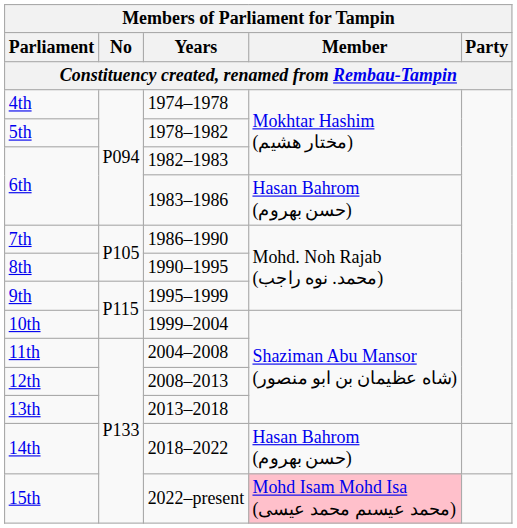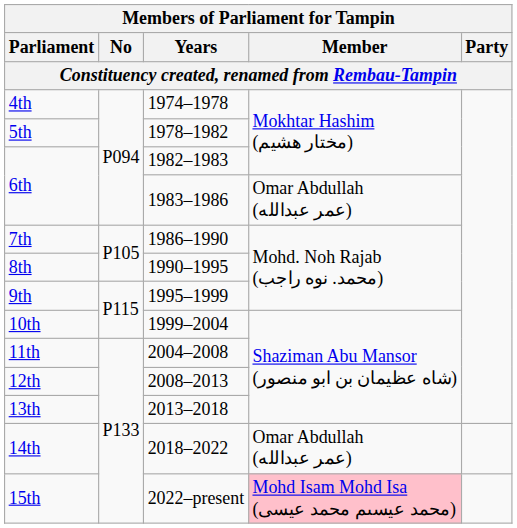 <table class=wikitable>
 <tr>
 <th colspan="5">Members of Parliament for Tampin</th>
 </tr>
 <tr>
 <th>Parliament</th>
 <th>No</th>
 <th>Years</th>
 <th>Member</th>
 <th>Party</th>
 </tr>
 <tr>
 <th colspan="5" align="center"><strong><em>Constituency created, renamed from <a href='#'>Rembau-Tampin</a></em></strong></th>
 </tr>
 <tr>
 <td><a href='#'>4th</a></td>
 <td rowspan="4">P094</td>
 <td>1974–1978</td>
 <td rowspan=3><a href='#'>Mokhtar Hashim</a>  <br>(مختار هشيم)</td>
 <td rowspan=11></td>
 </tr>
 <tr>
 <td><a href='#'>5th</a></td>
 <td>1978–1982</td>
 </tr>
 <tr>
 <td rowspan=2><a href='#'>6th</a></td>
 <td>1982–1983</td>
 </tr>
 <tr>
 <td>1983–1986</td>
-<td><a href='#'>Hasan Bahrom</a> <br> (حسن بهروم)</td>
+<td>Omar Abdullah <br> (عمر عبدالله)</td>
 </tr>
 <tr>
 <td><a href='#'>7th</a></td>
 <td rowspan="2">P105</td>
 <td>1986–1990</td>
 <td rowspan=3>Mohd. Noh Rajab <br> (محمد. نوه راجب)</td>
 </tr>
 <tr>
 <td><a href='#'>8th</a></td>
 <td>1990–1995</td>
 </tr>
 <tr>
 <td><a href='#'>9th</a></td>
 <td rowspan="2">P115</td>
 <td>1995–1999</td>
 </tr>
 <tr>
 <td><a href='#'>10th</a></td>
 <td>1999–2004</td>
 <td rowspan=4><a href='#'>Shaziman Abu Mansor</a> <br> (شاه عظيمان بن ابو منصور)</td>
 </tr>
 <tr>
 <td><a href='#'>11th</a></td>
 <td rowspan="5">P133</td>
 <td>2004–2008</td>
 </tr>
 <tr>
 <td><a href='#'>12th</a></td>
 <td>2008–2013</td>
 </tr>
 <tr>
 <td><a href='#'>13th</a></td>
 <td>2013–2018</td>
 </tr>
 <tr>
 <td><a href='#'>14th</a></td>
 <td>2018–2022</td>
-<td><a href='#'>Hasan Bahrom</a> <br> (حسن بهروم)</td>
+<td>Omar Abdullah <br> (عمر عبدالله)</td>
 <td></td>
 </tr>
 <tr>
 <td><a href='#'>15th</a></td>
 <td>2022–present</td>
 <td style="background: pink;"><a href='#'>Mohd Isam Mohd Isa</a> <br> (محمد عيسىم محمد عيسى)</td>
 <td></td>
 </tr>
 </table>
